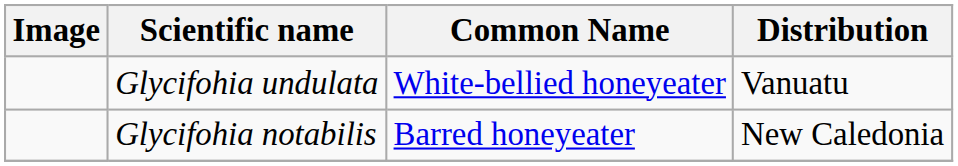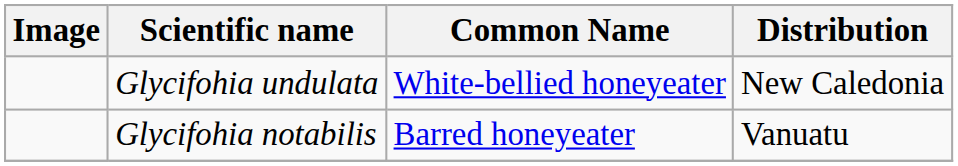 <table class="wikitable">
 <tr>
 <th>Image</th>
 <th>Scientific name</th>
 <th>Common Name</th>
 <th>Distribution</th>
 </tr>
 <tr>
 <td></td>
 <td><em>Glycifohia undulata</em></td>
 <td><a href='#'>White-bellied honeyeater</a></td>
-<td>Vanuatu</td>
+<td>New Caledonia</td>
 </tr>
 <tr>
 <td></td>
 <td><em>Glycifohia notabilis</em></td>
 <td><a href='#'>Barred honeyeater</a></td>
-<td>New Caledonia</td>
+<td>Vanuatu</td>
 </tr>
 <tr>
 </tr>
 </table>
